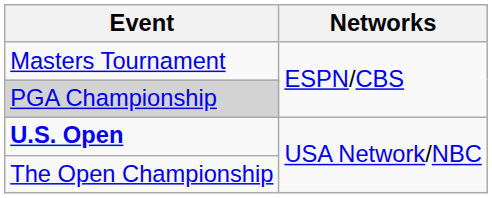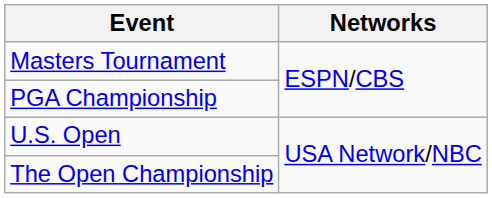 <table class="wikitable">
 <tr>
 <th>Event</th>
 <th>Networks</th>
 </tr>
 <tr>
 <td><a href='#'>Masters Tournament</a></td>
 <td rowspan="2"><a href='#'>ESPN</a>/<a href='#'>CBS</a></td>
 </tr>
 <tr>
-<td style="background: lightgrey;"><a href='#'>PGA Championship</a></td>
+<td><a href='#'>PGA Championship</a></td>
 </tr>
 <tr>
-<td><strong><a href='#'>U.S. Open</a></strong></td>
+<td><a href='#'>U.S. Open</a></td>
 <td rowspan="2"><a href='#'>USA Network</a>/<a href='#'>NBC</a></td>
 </tr>
 <tr>
 <td><a href='#'>The Open Championship</a></td>
 </tr>
 </table>
